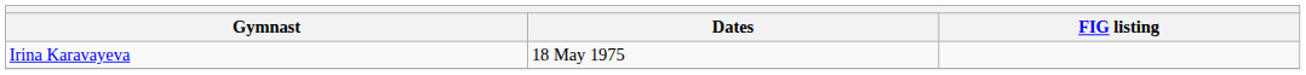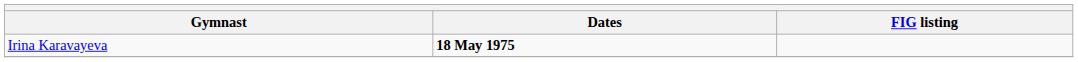 <table class="wikitable mw-collapsible mw-collapsed" width="75%">
 <tr>
 <th colspan="3"></th>
 </tr>
 <tr>
 <th>Gymnast</th>
 <th>Dates</th>
 <th><a href='#'>FIG</a> listing</th>
 </tr>
 <tr>
 <td><a href='#'>Irina Karavayeva</a></td>
-<td>18 May 1975</td>
+<td><strong>18 May 1975</strong></td>
 <td></td>
 </tr>
 <tr>
 </tr>
 </table>
